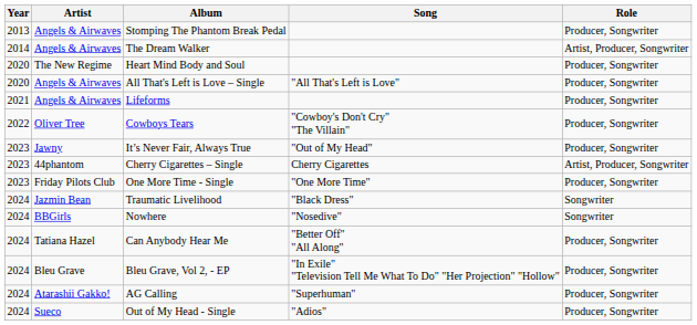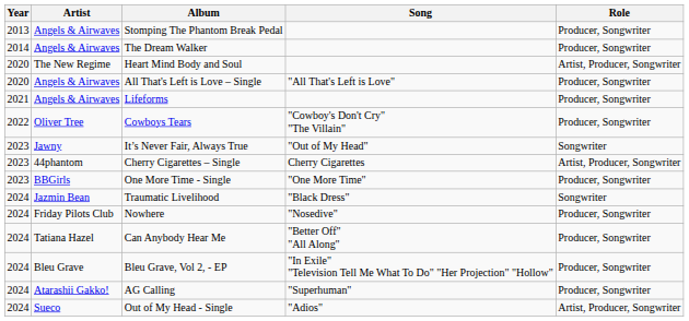 <table class="wikitable">
 <tr>
 <th>Year</th>
 <th>Artist</th>
 <th>Album</th>
 <th>Song</th>
 <th>Role</th>
 </tr>
 <tr>
 <td>2013</td>
 <td><a href='#'>Angels & Airwaves</a></td>
 <td>Stomping The Phantom Break Pedal</td>
 <td></td>
 <td>Producer, Songwriter</td>
 </tr>
 <tr>
 <td>2014</td>
 <td><a href='#'>Angels & Airwaves</a></td>
 <td>The Dream Walker</td>
 <td></td>
-<td>Artist, Producer, Songwriter</td>
+<td>Producer, Songwriter</td>
 </tr>
 <tr>
 <td>2020</td>
 <td>The New Regime</td>
 <td>Heart Mind Body and Soul</td>
 <td></td>
-<td>Producer, Songwriter</td>
+<td>Artist, Producer, Songwriter</td>
 </tr>
 <tr>
 <td>2020</td>
 <td><a href='#'>Angels & Airwaves</a></td>
 <td>All That's Left is Love – Single</td>
 <td>"All That's Left is Love"</td>
 <td>Producer, Songwriter</td>
 </tr>
 <tr>
 <td>2021</td>
 <td><a href='#'>Angels & Airwaves</a></td>
 <td><a href='#'>Lifeforms</a></td>
 <td></td>
 <td>Producer, Songwriter</td>
 </tr>
 <tr>
 <td>2022</td>
 <td><a href='#'>Oliver Tree</a></td>
 <td><a href='#'>Cowboys Tears</a></td>
 <td>"Cowboy's Don't Cry"<br>"The Villain"</td>
 <td>Producer, Songwriter</td>
 </tr>
 <tr>
 <td>2023</td>
 <td><a href='#'>Jawny</a></td>
 <td>It’s Never Fair, Always True</td>
 <td>"Out of My Head"</td>
-<td>Producer, Songwriter</td>
+<td>Songwriter</td>
 </tr>
 <tr>
 <td>2023</td>
 <td>44phantom</td>
 <td>Cherry Cigarettes – Single</td>
 <td>Cherry Cigarettes</td>
 <td>Artist, Producer, Songwriter</td>
 </tr>
 <tr>
 <td>2023</td>
-<td>Friday Pilots Club</td>
+<td><a href='#'>BBGirls</a></td>
 <td>One More Time - Single</td>
 <td>"One More Time"</td>
 <td>Producer, Songwriter</td>
 </tr>
 <tr>
 <td>2024</td>
 <td><a href='#'>Jazmin Bean</a></td>
 <td>Traumatic Livelihood</td>
 <td>"Black Dress"</td>
 <td>Songwriter</td>
 </tr>
 <tr>
 <td>2024</td>
-<td><a href='#'>BBGirls</a></td>
+<td>Friday Pilots Club</td>
 <td>Nowhere</td>
 <td>"Nosedive"</td>
-<td>Songwriter</td>
+<td>Producer, Songwriter</td>
 </tr>
 <tr>
 <td>2024</td>
 <td>Tatiana Hazel</td>
 <td>Can Anybody Hear Me</td>
 <td>"Better Off"<br>"All Along"</td>
 <td>Producer, Songwriter</td>
 </tr>
 <tr>
 <td>2024</td>
 <td>Bleu Grave</td>
 <td>Bleu Grave, Vol 2, - EP</td>
 <td>"In Exile"<br>"Television Tell Me What To Do" "Her Projection" "Hollow"</td>
 <td>Producer, Songwriter</td>
 </tr>
 <tr>
 <td>2024</td>
 <td><a href='#'>Atarashii Gakko!</a></td>
 <td>AG Calling</td>
 <td>"Superhuman"</td>
 <td>Producer, Songwriter</td>
 </tr>
 <tr>
 <td>2024</td>
 <td><a href='#'>Sueco</a></td>
 <td>Out of My Head - Single</td>
 <td>"Adios"</td>
-<td>Producer, Songwriter</td>
+<td>Artist, Producer, Songwriter</td>
 </tr>
 </table>
